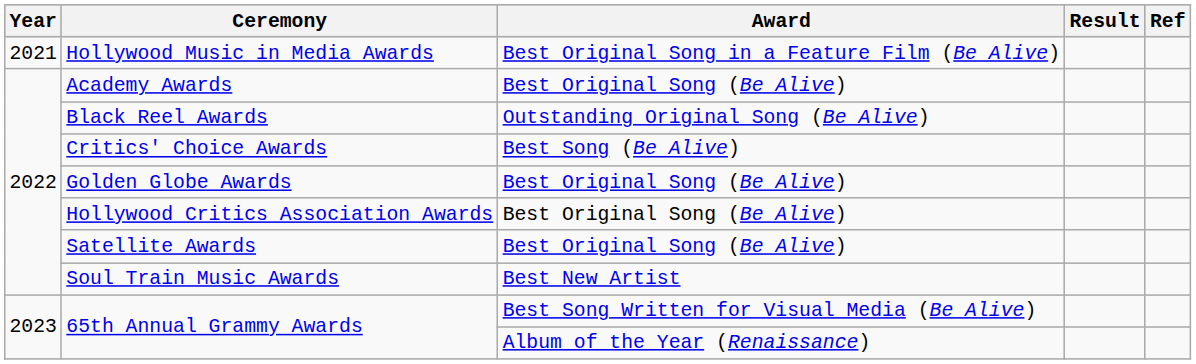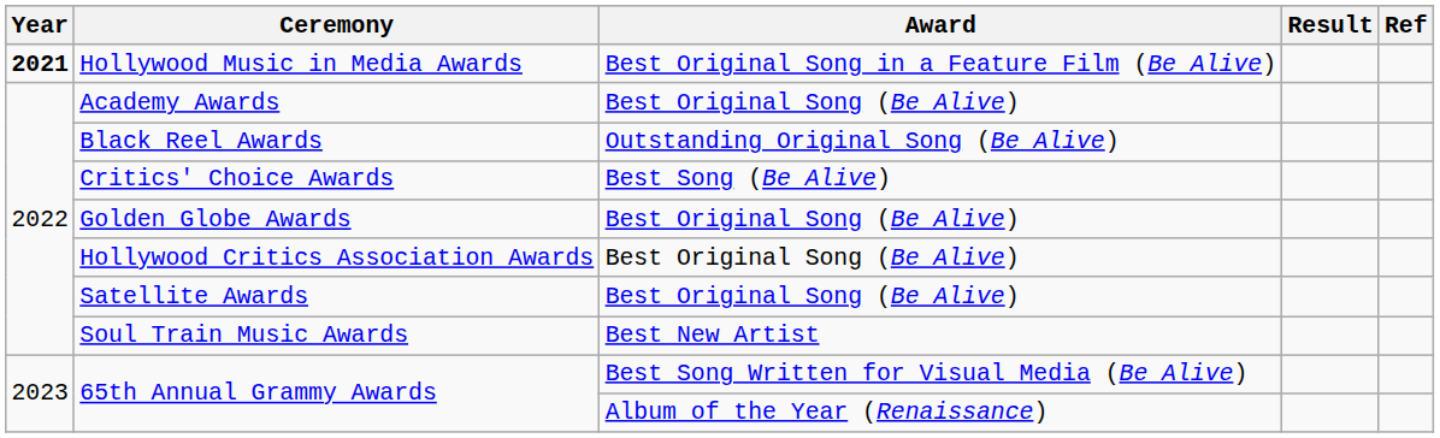 <table class="wikitable">
 <tr style="background:#ccc; text-align:center;">
 <th scope="col">Year</th>
 <th scope="col">Ceremony</th>
 <th scope="col">Award</th>
 <th scope="col">Result</th>
 <th>Ref</th>
 </tr>
 <tr>
-<td>2021</td>
+<td><strong>2021</strong></td>
 <td><a href='#'>Hollywood Music in Media Awards</a></td>
 <td><a href='#'>Best Original Song in a Feature Film</a> (<em><a href='#'>Be Alive</a></em>)</td>
 <td></td>
 <td style="text-align:center;"></td>
 </tr>
 <tr>
 <td rowspan="7">2022</td>
 <td><a href='#'>Academy Awards</a></td>
 <td><a href='#'>Best Original Song</a> (<em><a href='#'>Be Alive</a></em>)</td>
 <td></td>
 <td style="text-align:center;"></td>
 </tr>
 <tr>
 <td><a href='#'>Black Reel Awards</a></td>
 <td><a href='#'>Outstanding Original Song</a> (<em><a href='#'>Be Alive</a></em>)</td>
 <td></td>
 <td style="text-align:center;"></td>
 </tr>
 <tr>
 <td><a href='#'>Critics' Choice Awards</a></td>
 <td><a href='#'>Best Song</a> (<em><a href='#'>Be Alive</a></em>)</td>
 <td></td>
 <td style="text-align:center;"></td>
 </tr>
 <tr>
 <td><a href='#'>Golden Globe Awards</a></td>
 <td><a href='#'>Best Original Song</a> (<em><a href='#'>Be Alive</a></em>)</td>
 <td></td>
 <td style="text-align:center;"></td>
 </tr>
 <tr>
 <td><a href='#'>Hollywood Critics Association Awards</a></td>
 <td>Best Original Song (<em><a href='#'>Be Alive</a></em>)</td>
 <td></td>
 <td style="text-align:center;"></td>
 </tr>
 <tr>
 <td><a href='#'>Satellite Awards</a></td>
 <td><a href='#'>Best Original Song</a> (<em><a href='#'>Be Alive</a></em>)</td>
 <td></td>
 <td style="text-align:center;"></td>
 </tr>
 <tr>
 <td><a href='#'>Soul Train Music Awards</a></td>
 <td><a href='#'>Best New Artist</a></td>
 <td></td>
 <td style="text-align:center;"></td>
 </tr>
 <tr>
 <td rowspan="2">2023</td>
 <td rowspan="2"><a href='#'>65th Annual Grammy Awards</a></td>
 <td><a href='#'>Best Song Written for Visual Media</a> (<em><a href='#'>Be Alive</a></em>)</td>
 <td></td>
 <td style="text-align:center;"></td>
 </tr>
 <tr>
 <td><a href='#'>Album of the Year</a> (<em><a href='#'>Renaissance</a></em>)</td>
 <td></td>
 <td style="text-align:center;"></td>
 </tr>
 </table>
